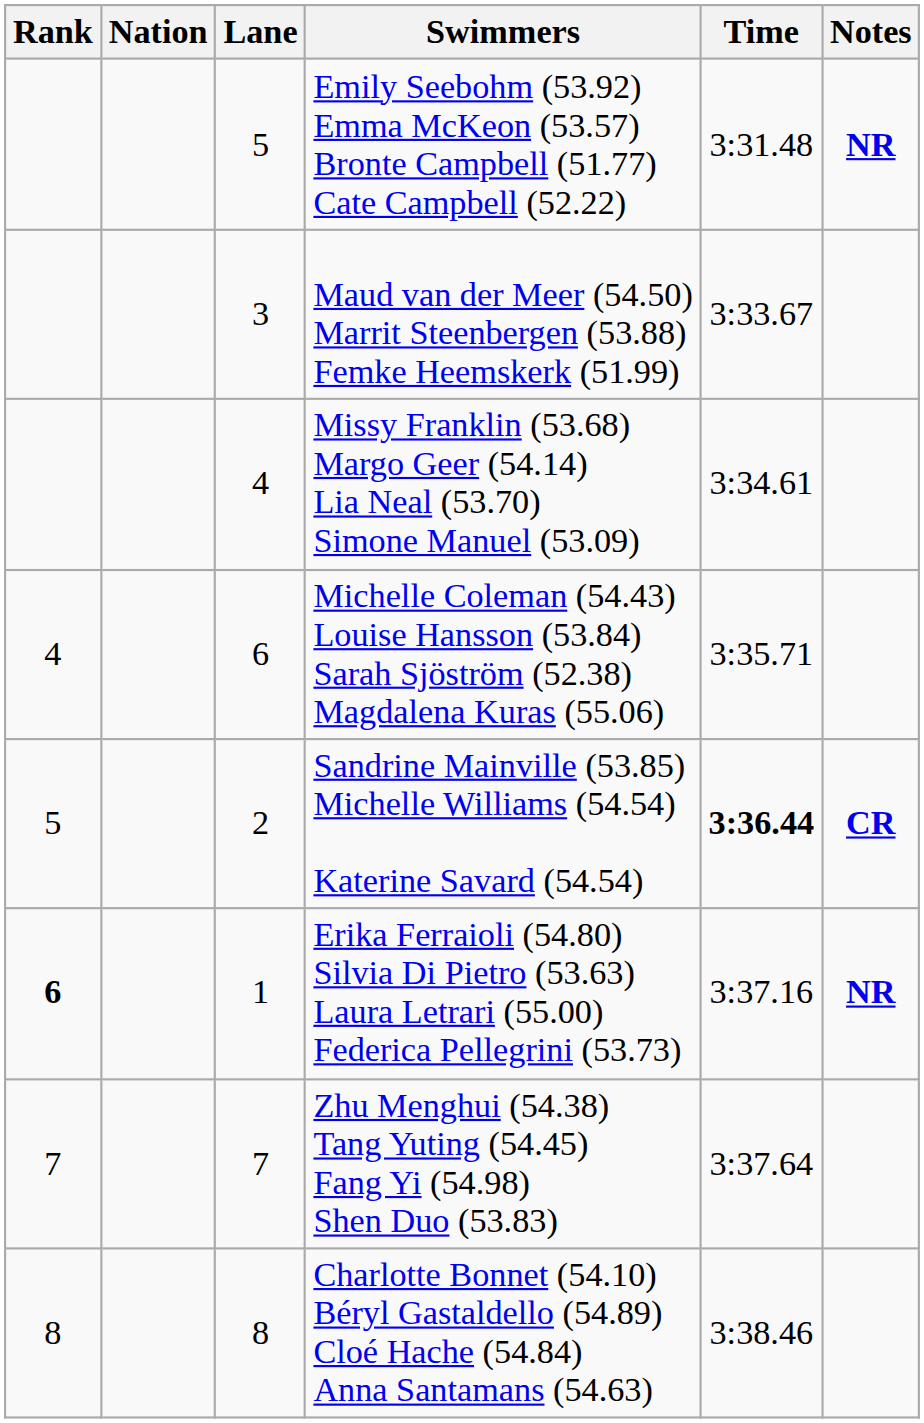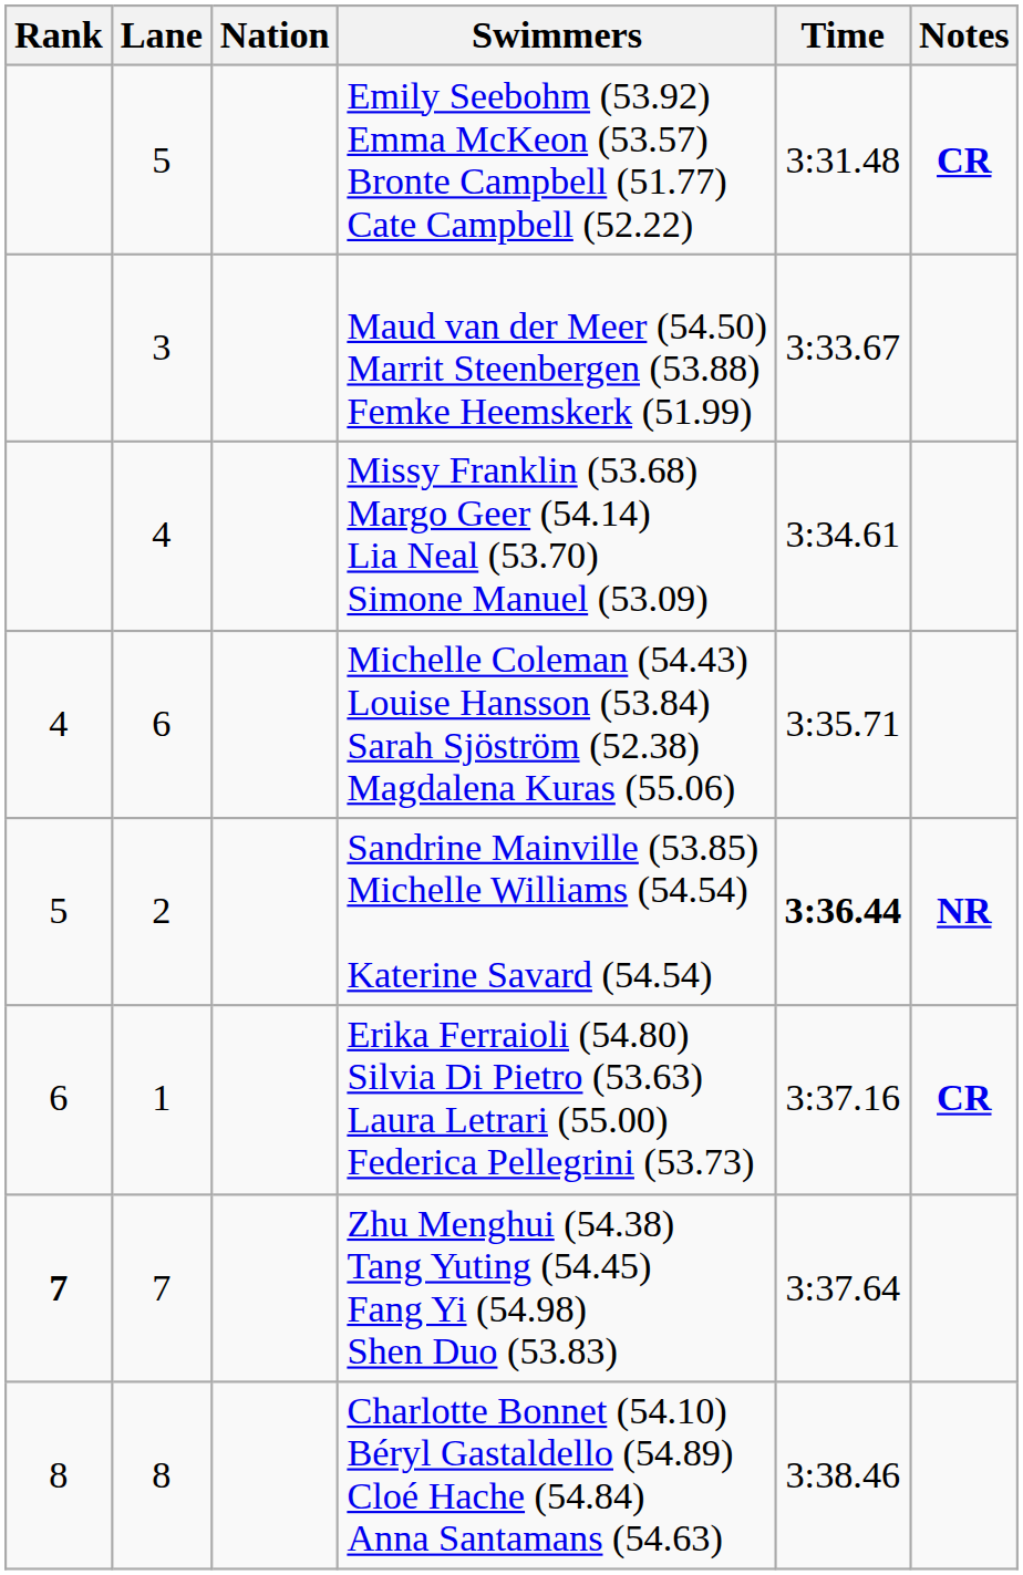 <table class="wikitable sortable" style="text-align:center">
 <tr>
 <th>Rank</th>
+<th>Lane</th>
 <th>Nation</th>
-<th>Lane</th>
 <th>Swimmers</th>
 <th>Time</th>
 <th>Notes</th>
 </tr>
 <tr>
 <td></td>
+<td>5</td>
 <td align=left></td>
-<td>5</td>
 <td align=left><a href='#'>Emily Seebohm</a> (53.92)<br><a href='#'>Emma McKeon</a> (53.57)<br><a href='#'>Bronte Campbell</a> (51.77)<br><a href='#'>Cate Campbell</a> (52.22)</td>
 <td>3:31.48</td>
-<td><strong><a href='#'>NR</a></strong></td>
+<td><strong><a href='#'>CR</a></strong></td>
 </tr>
 <tr>
 <td></td>
+<td>3</td>
 <td align=left></td>
-<td>3</td>
 <td align=left><br><a href='#'>Maud van der Meer</a> (54.50)<br><a href='#'>Marrit Steenbergen</a> (53.88)<br><a href='#'>Femke Heemskerk</a> (51.99)</td>
 <td>3:33.67</td>
 <td></td>
 </tr>
 <tr>
 <td></td>
+<td>4</td>
 <td align=left></td>
-<td>4</td>
 <td align=left><a href='#'>Missy Franklin</a> (53.68)<br><a href='#'>Margo Geer</a> (54.14)<br><a href='#'>Lia Neal</a> (53.70)<br><a href='#'>Simone Manuel</a> (53.09)</td>
 <td>3:34.61</td>
 <td></td>
 </tr>
 <tr>
 <td>4</td>
+<td>6</td>
 <td align=left></td>
-<td>6</td>
 <td align=left><a href='#'>Michelle Coleman</a> (54.43)<br><a href='#'>Louise Hansson</a> (53.84)<br><a href='#'>Sarah Sjöström</a> (52.38)<br><a href='#'>Magdalena Kuras</a> (55.06)</td>
 <td>3:35.71</td>
 <td></td>
 </tr>
 <tr>
 <td>5</td>
+<td>2</td>
 <td align=left></td>
-<td>2</td>
 <td align=left><a href='#'>Sandrine Mainville</a> (53.85)<br><a href='#'>Michelle Williams</a> (54.54)<br><br><a href='#'>Katerine Savard</a> (54.54)</td>
 <td><strong>3:36.44</strong></td>
+<td><strong><a href='#'>NR</a></strong></td>
+</tr>
+<tr>
+<td>6</td>
+<td>1</td>
+<td align=left></td>
+<td align=left><a href='#'>Erika Ferraioli</a> (54.80)<br><a href='#'>Silvia Di Pietro</a> (53.63)<br><a href='#'>Laura Letrari</a> (55.00)<br><a href='#'>Federica Pellegrini</a> (53.73)</td>
+<td>3:37.16</td>
 <td><strong><a href='#'>CR</a></strong></td>
 </tr>
 <tr>
-<td><strong>6</strong></td>
-<td align=left></td>
-<td>1</td>
-<td align=left><a href='#'>Erika Ferraioli</a> (54.80)<br><a href='#'>Silvia Di Pietro</a> (53.63)<br><a href='#'>Laura Letrari</a> (55.00)<br><a href='#'>Federica Pellegrini</a> (53.73)</td>
-<td>3:37.16</td>
-<td><strong><a href='#'>NR</a></strong></td>
-</tr>
-<tr>
+<td><strong>7</strong></td>
 <td>7</td>
 <td align=left></td>
-<td>7</td>
 <td align=left><a href='#'>Zhu Menghui</a> (54.38)<br><a href='#'>Tang Yuting</a> (54.45)<br><a href='#'>Fang Yi</a> (54.98)<br><a href='#'>Shen Duo</a> (53.83)</td>
 <td>3:37.64</td>
 <td></td>
 </tr>
 <tr>
 <td>8</td>
+<td>8</td>
 <td align=left></td>
-<td>8</td>
 <td align=left><a href='#'>Charlotte Bonnet</a> (54.10)<br><a href='#'>Béryl Gastaldello</a> (54.89)<br><a href='#'>Cloé Hache</a> (54.84)<br><a href='#'>Anna Santamans</a> (54.63)</td>
 <td>3:38.46</td>
 <td></td>
 </tr>
 </table>
